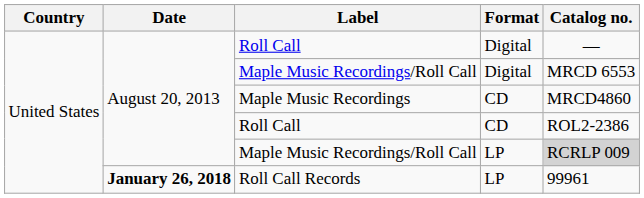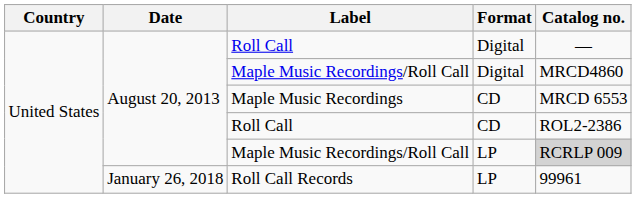 <table class="wikitable plainrowheaders">
 <tr>
 <th>Country</th>
 <th>Date</th>
 <th>Label</th>
 <th>Format</th>
 <th>Catalog no.</th>
 </tr>
 <tr>
 <td scope="row" rowspan="6">United States</td>
 <td scope="row" rowspan="5">August 20, 2013</td>
 <td><a href='#'>Roll Call</a></td>
 <td>Digital</td>
 <td style="text-align:center;">—</td>
 </tr>
 <tr>
 <td><a href='#'>Maple Music Recordings</a>/Roll Call</td>
 <td>Digital</td>
-<td>MRCD 6553</td>
+<td>MRCD4860</td>
 </tr>
 <tr>
 <td>Maple Music Recordings</td>
 <td>CD</td>
-<td>MRCD4860</td>
+<td>MRCD 6553</td>
 </tr>
 <tr>
 <td>Roll Call</td>
 <td>CD</td>
 <td>ROL2-2386</td>
 </tr>
 <tr>
 <td>Maple Music Recordings/Roll Call</td>
 <td>LP</td>
 <td style="background: lightgrey;">RCRLP 009</td>
 </tr>
 <tr>
-<td><strong>January 26, 2018</strong></td>
+<td>January 26, 2018</td>
 <td>Roll Call Records</td>
 <td>LP</td>
 <td>99961</td>
 </tr>
 </table>
